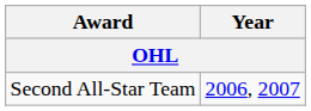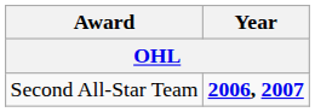 <table class="wikitable">
 <tr>
 <th>Award</th>
 <th>Year</th>
 </tr>
 <tr ALIGN="center" bgcolor="#e0e0e0">
 <th colspan="3"><a href='#'>OHL</a></th>
 </tr>
 <tr>
 <td>Second All-Star Team</td>
-<td><a href='#'>2006</a>, <a href='#'>2007</a></td>
+<td><strong><a href='#'>2006</a>, <a href='#'>2007</a></strong></td>
 </tr>
 </table>
